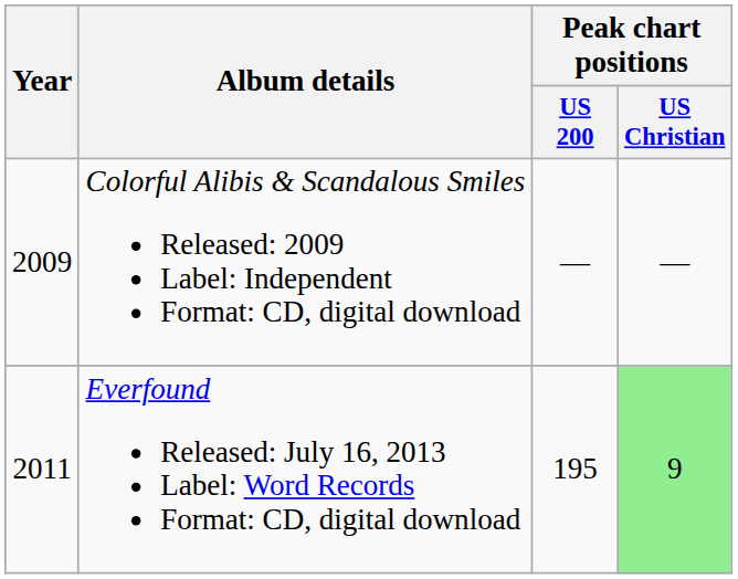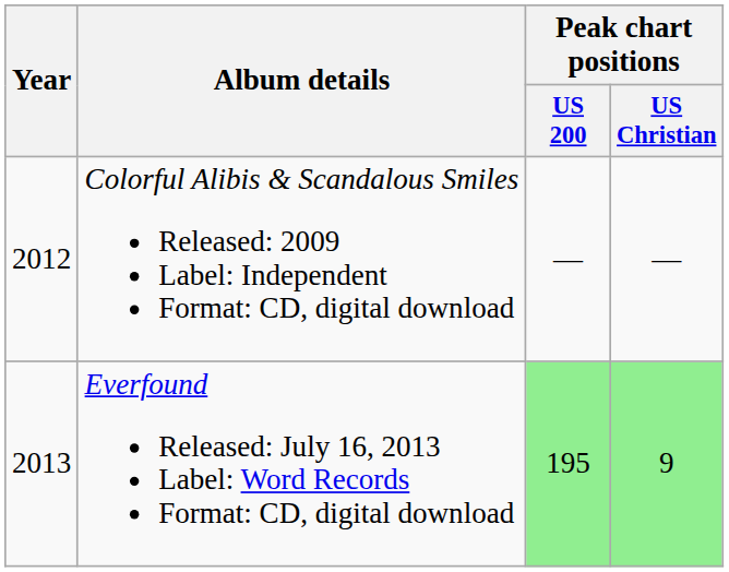 <table class="wikitable" style="text-align:center;">
 <tr>
 <th rowspan="2">Year</th>
 <th rowspan="2">Album details</th>
 <th colspan="4">Peak chart positions</th>
 </tr>
 <tr style="font-size:smaller;">
 <th style="width:40px;"><a href='#'>US<br>200</a></th>
 <th style="width:40px;"><a href='#'>US<br>Christian</a></th>
 </tr>
 <tr>
-<td>2009</td>
+<td>2012</td>
 <td style="text-align:left;"><em>Colorful Alibis & Scandalous Smiles</em><br><ul><li>Released: 2009</li><li>Label: Independent</li><li>Format: CD, digital download</li></ul></td>
 <td>—</td>
 <td>—</td>
 </tr>
 <tr>
-<td>2011</td>
+<td>2013</td>
 <td style="text-align:left;"><em><a href='#'>Everfound</a></em><br><ul><li>Released: July 16, 2013</li><li>Label: <a href='#'>Word Records</a></li><li>Format: CD, digital download</li></ul></td>
-<td>195</td>
+<td style="background: lightgreen;">195</td>
 <td style="background: lightgreen;">9</td>
 </tr>
 </table>
